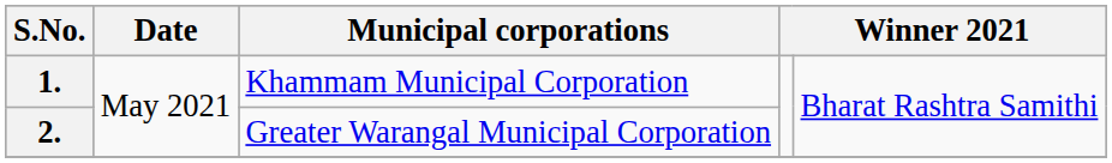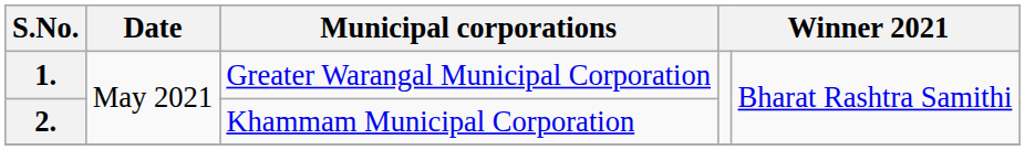 <table class="wikitable sortable">
 <tr>
 <th>S.No.</th>
 <th>Date</th>
 <th>Municipal corporations</th>
 <th colspan="2">Winner 2021</th>
 </tr>
 <tr>
 <th>1.</th>
 <td rowspan="2">May 2021</td>
-<td><a href='#'>Khammam Municipal Corporation</a></td>
+<td><a href='#'>Greater Warangal Municipal Corporation</a></td>
 <td rowspan="2" style="background:"></td>
 <td rowspan="2"><a href='#'>Bharat Rashtra Samithi</a></td>
 </tr>
 <tr>
 <th>2.</th>
-<td><a href='#'>Greater Warangal Municipal Corporation</a></td>
+<td><a href='#'>Khammam Municipal Corporation</a></td>
 </tr>
 <tr>
 </tr>
 </table>
